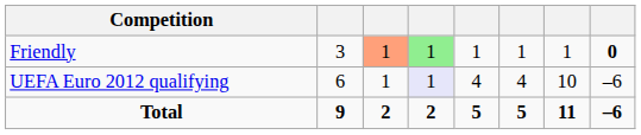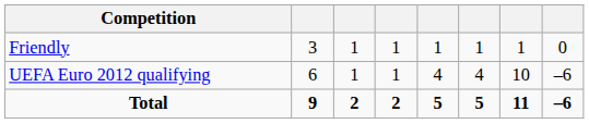 <table class="wikitable" style="text-align: center;">
 <tr>
 <th width=250>Competition</th>
 <th width=30></th>
 <th width=30></th>
 <th width=30></th>
 <th width=30></th>
 <th width=30></th>
 <th width=30></th>
 <th width=30></th>
 </tr>
 <tr>
 <td align=left><a href='#'>Friendly</a></td>
 <td>3</td>
-<td style="background: lightsalmon;">1</td>
-<td style="background: lightgreen;">1</td>
 <td>1</td>
 <td>1</td>
 <td>1</td>
-<td><strong>0</strong></td>
+<td>1</td>
+<td>1</td>
+<td>0</td>
 </tr>
 <tr>
 <td align=left><a href='#'>UEFA Euro 2012 qualifying</a></td>
 <td>6</td>
 <td>1</td>
-<td style="background: lavender;">1</td>
+<td>1</td>
 <td>4</td>
 <td>4</td>
 <td>10</td>
 <td>–6</td>
 </tr>
 <tr>
 <td><strong>Total</strong></td>
 <td><strong>9</strong></td>
 <td><strong>2</strong></td>
 <td><strong>2</strong></td>
 <td><strong>5</strong></td>
 <td><strong>5</strong></td>
 <td><strong>11</strong></td>
 <td><strong>–6</strong></td>
 </tr>
 </table>
